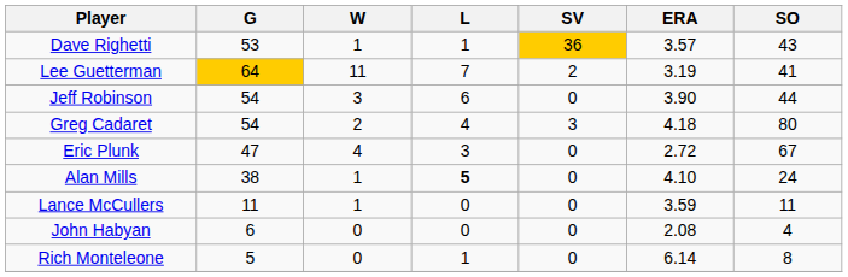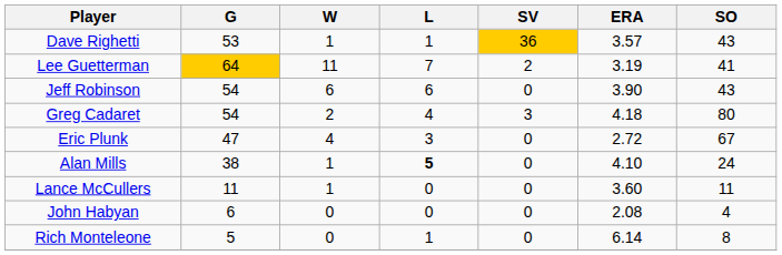 <table class="wikitable sortable">
 <tr>
 <th bgcolor="#DDDDFF" width="16%">Player</th>
 <th bgcolor="#DDDDFF" width="9%">G</th>
 <th bgcolor="#DDDDFF" width="9%">W</th>
 <th bgcolor="#DDDDFF" width="9%">L</th>
 <th bgcolor="#DDDDFF" width="9%">SV</th>
 <th bgcolor="#DDDDFF" width="9%">ERA</th>
 <th bgcolor="#DDDDFF" width="9%">SO</th>
 </tr>
 <tr align="center">
 <td><a href='#'>Dave Righetti</a></td>
 <td>53</td>
 <td>1</td>
 <td>1</td>
 <td style="background:#fc0;">36</td>
 <td>3.57</td>
 <td>43</td>
 </tr>
 <tr align="center">
 <td><a href='#'>Lee Guetterman</a></td>
 <td style="background:#fc0;">64</td>
 <td>11</td>
 <td>7</td>
 <td>2</td>
 <td>3.19</td>
 <td>41</td>
 </tr>
 <tr align="center">
 <td><a href='#'>Jeff Robinson</a></td>
 <td>54</td>
-<td>3</td>
+<td>6</td>
 <td>6</td>
 <td>0</td>
 <td>3.90</td>
-<td>44</td>
+<td>43</td>
 </tr>
 <tr align="center">
 <td><a href='#'>Greg Cadaret</a></td>
 <td>54</td>
 <td>2</td>
 <td>4</td>
 <td>3</td>
 <td>4.18</td>
 <td>80</td>
 </tr>
 <tr align="center">
 <td><a href='#'>Eric Plunk</a></td>
 <td>47</td>
 <td>4</td>
 <td>3</td>
 <td>0</td>
 <td>2.72</td>
 <td>67</td>
 </tr>
 <tr align="center">
 <td><a href='#'>Alan Mills</a></td>
 <td>38</td>
 <td>1</td>
 <td><strong>5</strong></td>
 <td>0</td>
 <td>4.10</td>
 <td>24</td>
 </tr>
 <tr align="center">
 <td><a href='#'>Lance McCullers</a></td>
 <td>11</td>
 <td>1</td>
 <td>0</td>
 <td>0</td>
-<td>3.59</td>
+<td>3.60</td>
 <td>11</td>
 </tr>
 <tr align="center">
 <td><a href='#'>John Habyan</a></td>
 <td>6</td>
 <td>0</td>
 <td>0</td>
 <td>0</td>
 <td>2.08</td>
 <td>4</td>
 </tr>
 <tr align=center>
 <td><a href='#'>Rich Monteleone</a></td>
 <td>5</td>
 <td>0</td>
 <td>1</td>
 <td>0</td>
 <td>6.14</td>
 <td>8</td>
 </tr>
 <tr align="center">
 </tr>
 </table>
